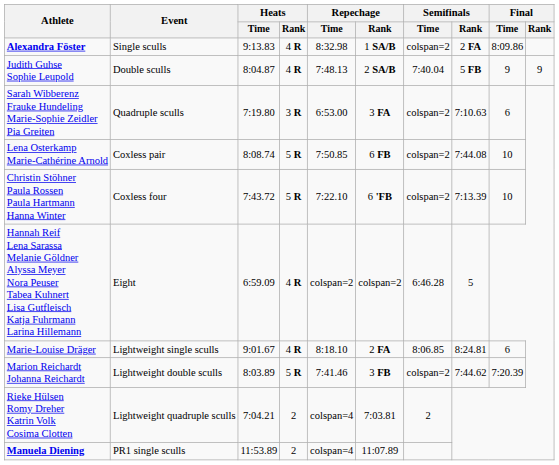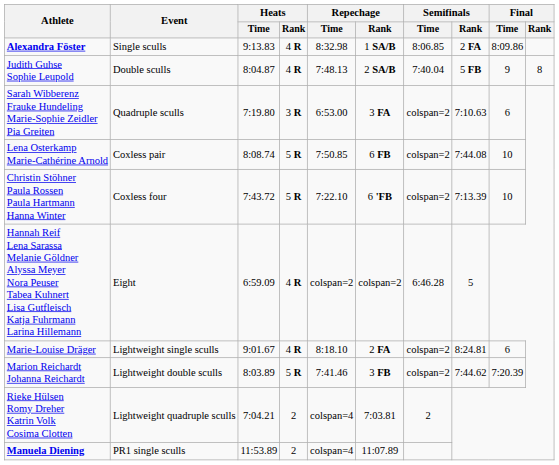 <table class="wikitable" style="font-size:90%">
 <tr>
 <th rowspan="2">Athlete</th>
 <th rowspan="2">Event</th>
 <th colspan="2">Heats</th>
 <th colspan="2">Repechage</th>
 <th colspan="2">Semifinals</th>
 <th colspan="2">Final</th>
 </tr>
 <tr style="font-size:95%">
 <th>Time</th>
 <th>Rank</th>
 <th>Time</th>
 <th>Rank</th>
 <th>Time</th>
 <th>Rank</th>
 <th>Time</th>
 <th>Rank</th>
 </tr>
 <tr align=center>
 <td align=left><strong><a href='#'>Alexandra Föster</a></strong></td>
 <td align=left>Single sculls</td>
 <td>9:13.83</td>
 <td>4 <strong>R</strong></td>
 <td>8:32.98</td>
 <td>1 <strong>SA/B</strong></td>
-<td>colspan=2</td>
+<td>8:06.85</td>
 <td>2 <strong>FA</strong></td>
 <td>8:09.86</td>
 <td></td>
 </tr>
 <tr align=center>
 <td align=left><a href='#'>Judith Guhse</a><br><a href='#'>Sophie Leupold</a></td>
 <td align=left>Double sculls</td>
 <td>8:04.87</td>
 <td>4 <strong>R</strong></td>
 <td>7:48.13</td>
 <td>2 <strong>SA/B</strong></td>
 <td>7:40.04</td>
 <td>5 <strong>FB</strong></td>
 <td>9</td>
-<td>9</td>
+<td>8</td>
 </tr>
 <tr align=center>
 <td align=left><a href='#'>Sarah Wibberenz</a><br><a href='#'>Frauke Hundeling</a><br><a href='#'>Marie-Sophie Zeidler</a><br><a href='#'>Pia Greiten</a></td>
 <td align=left>Quadruple sculls</td>
 <td>7:19.80</td>
 <td>3 <strong>R</strong></td>
 <td>6:53.00</td>
 <td>3 <strong>FA</strong></td>
 <td>colspan=2</td>
 <td>7:10.63</td>
 <td>6</td>
 </tr>
 <tr align=center>
 <td align=left><a href='#'>Lena Osterkamp</a><br><a href='#'>Marie-Cathérine Arnold</a></td>
 <td align=left>Coxless pair</td>
 <td>8:08.74</td>
 <td>5 <strong>R</strong></td>
 <td>7:50.85</td>
 <td>6 <strong>FB</strong></td>
 <td>colspan=2</td>
 <td>7:44.08</td>
 <td>10</td>
 </tr>
 <tr align=center>
 <td align=left><a href='#'>Christin Stöhner</a><br><a href='#'>Paula Rossen</a><br><a href='#'>Paula Hartmann</a><br><a href='#'>Hanna Winter</a></td>
 <td align=left>Coxless four</td>
 <td>7:43.72</td>
 <td>5 <strong>R</strong></td>
 <td>7:22.10</td>
 <td>6 <strong>'FB</strong></td>
 <td>colspan=2</td>
 <td>7:13.39</td>
 <td>10</td>
 </tr>
 <tr align=center>
 <td align=left><a href='#'>Hannah Reif</a><br><a href='#'>Lena Sarassa</a><br><a href='#'>Melanie Göldner</a><br><a href='#'>Alyssa Meyer</a><br><a href='#'>Nora Peuser</a><br><a href='#'>Tabea Kuhnert</a><br><a href='#'>Lisa Gutfleisch</a><br><a href='#'>Katja Fuhrmann</a><br><a href='#'>Larina Hillemann</a></td>
 <td align=left>Eight</td>
 <td>6:59.09</td>
 <td>4 <strong>R</strong></td>
 <td>colspan=2</td>
 <td>colspan=2</td>
 <td>6:46.28</td>
 <td>5</td>
 </tr>
 <tr align=center>
 <td align=left><a href='#'>Marie-Louise Dräger</a></td>
 <td align=left>Lightweight single sculls</td>
 <td>9:01.67</td>
 <td>4 <strong>R</strong></td>
 <td>8:18.10</td>
 <td>2 <strong>FA</strong></td>
-<td>8:06.85</td>
+<td>colspan=2</td>
 <td>8:24.81</td>
 <td>6</td>
 </tr>
 <tr align=center>
 <td align=left><a href='#'>Marion Reichardt</a><br><a href='#'>Johanna Reichardt</a></td>
 <td align=left>Lightweight double sculls</td>
 <td>8:03.89</td>
 <td>5 <strong>R</strong></td>
 <td>7:41.46</td>
 <td>3 <strong>FB</strong></td>
 <td>colspan=2</td>
 <td>7:44.62</td>
 <td>7:20.39</td>
 </tr>
 <tr align=center>
 <td align=left><a href='#'>Rieke Hülsen</a><br><a href='#'>Romy Dreher</a><br><a href='#'>Katrin Volk</a><br><a href='#'>Cosima Clotten</a></td>
 <td align=left>Lightweight quadruple sculls</td>
 <td>7:04.21</td>
 <td>2</td>
 <td>colspan=4</td>
 <td>7:03.81</td>
 <td>2</td>
 </tr>
 <tr align=center>
 <td align=left><strong><a href='#'>Manuela Diening</a></strong></td>
 <td align=left>PR1 single sculls</td>
 <td>11:53.89</td>
 <td>2</td>
 <td>colspan=4</td>
 <td>11:07.89</td>
 <td></td>
 </tr>
 </table>
